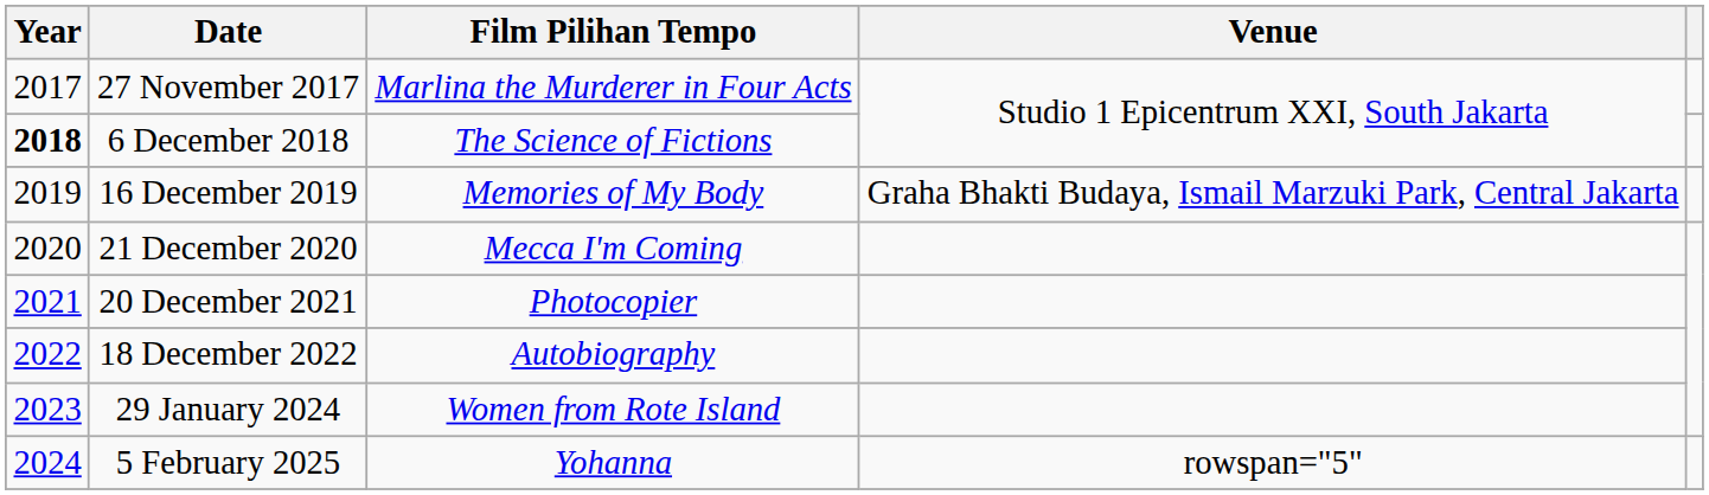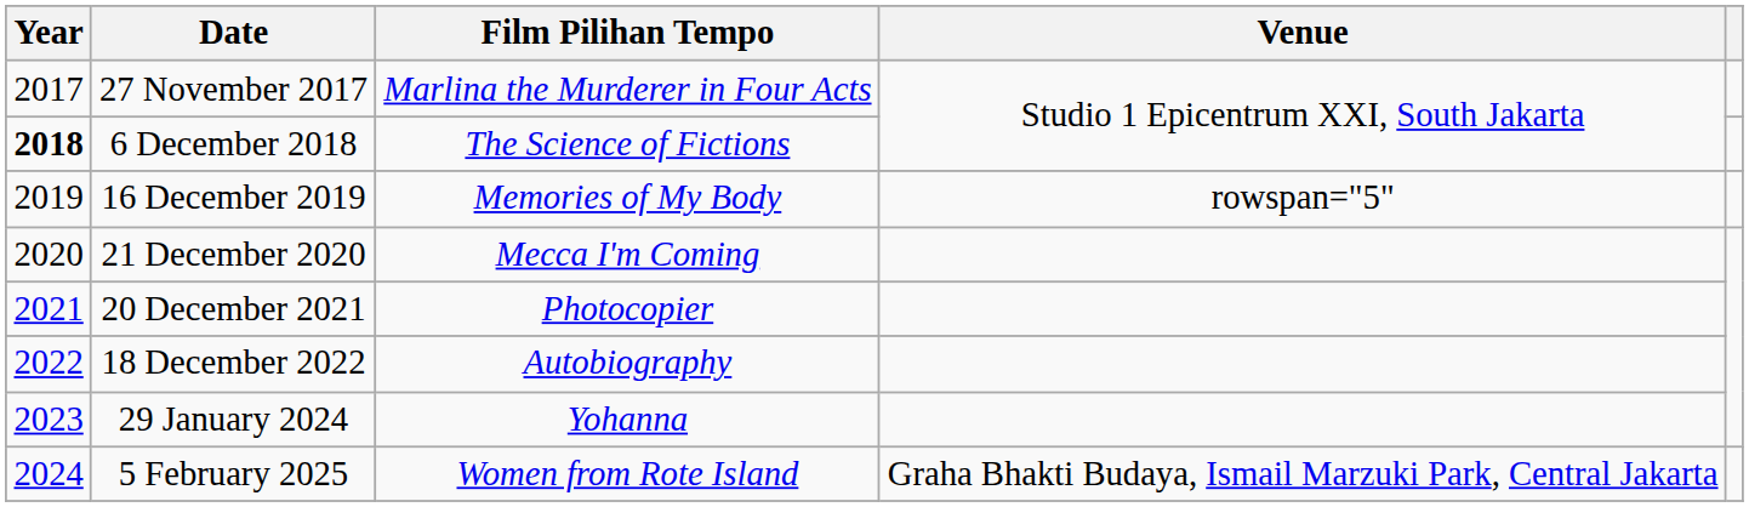 <table class="sortable wikitable" style="text-align:center;">
 <tr>
 <th>Year</th>
 <th>Date</th>
 <th>Film Pilihan Tempo</th>
 <th>Venue</th>
 <th></th>
 </tr>
 <tr>
 <td>2017</td>
 <td>27 November 2017</td>
 <td><em><a href='#'>Marlina the Murderer in Four Acts</a></em></td>
 <td rowspan="2">Studio 1 Epicentrum XXI, <a href='#'>South Jakarta</a></td>
 <td></td>
 </tr>
 <tr>
 <td><strong>2018</strong></td>
 <td>6 December 2018</td>
 <td><em><a href='#'>The Science of Fictions</a></em></td>
 <td></td>
 </tr>
 <tr>
 <td>2019</td>
 <td>16 December 2019</td>
 <td><em><a href='#'>Memories of My Body</a></em></td>
-<td>Graha Bhakti Budaya, <a href='#'>Ismail Marzuki Park</a>, <a href='#'>Central Jakarta</a></td>
+<td>rowspan="5" </td>
 <td></td>
 </tr>
 <tr>
 <td>2020</td>
 <td>21 December 2020</td>
 <td><em><a href='#'>Mecca I'm Coming</a></em></td>
 <td></td>
 </tr>
 <tr>
 <td><a href='#'>2021</a></td>
 <td>20 December 2021</td>
 <td><em><a href='#'>Photocopier</a></em></td>
 <td></td>
 </tr>
 <tr>
 <td><a href='#'>2022</a></td>
 <td>18 December 2022</td>
 <td><em><a href='#'>Autobiography</a></em></td>
 <td></td>
 </tr>
 <tr>
 <td><a href='#'>2023</a></td>
 <td>29 January 2024</td>
-<td><em><a href='#'>Women from Rote Island</a></em></td>
+<td><em><a href='#'>Yohanna</a></em></td>
 <td></td>
 </tr>
 <tr>
 <td><a href='#'>2024</a></td>
 <td>5 February 2025</td>
-<td><em><a href='#'>Yohanna</a></em></td>
-<td>rowspan="5" </td>
+<td><em><a href='#'>Women from Rote Island</a></em></td>
+<td>Graha Bhakti Budaya, <a href='#'>Ismail Marzuki Park</a>, <a href='#'>Central Jakarta</a></td>
 <td></td>
 </tr>
 </table>
